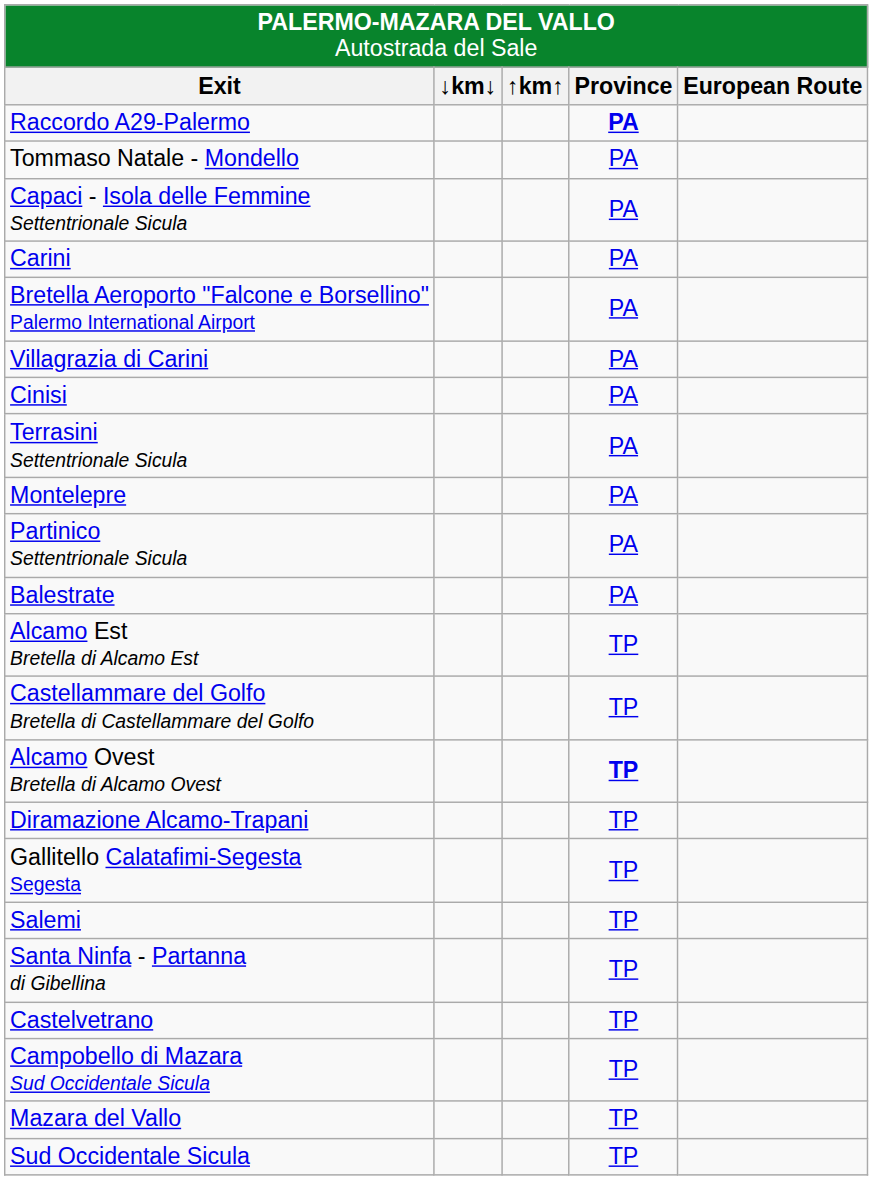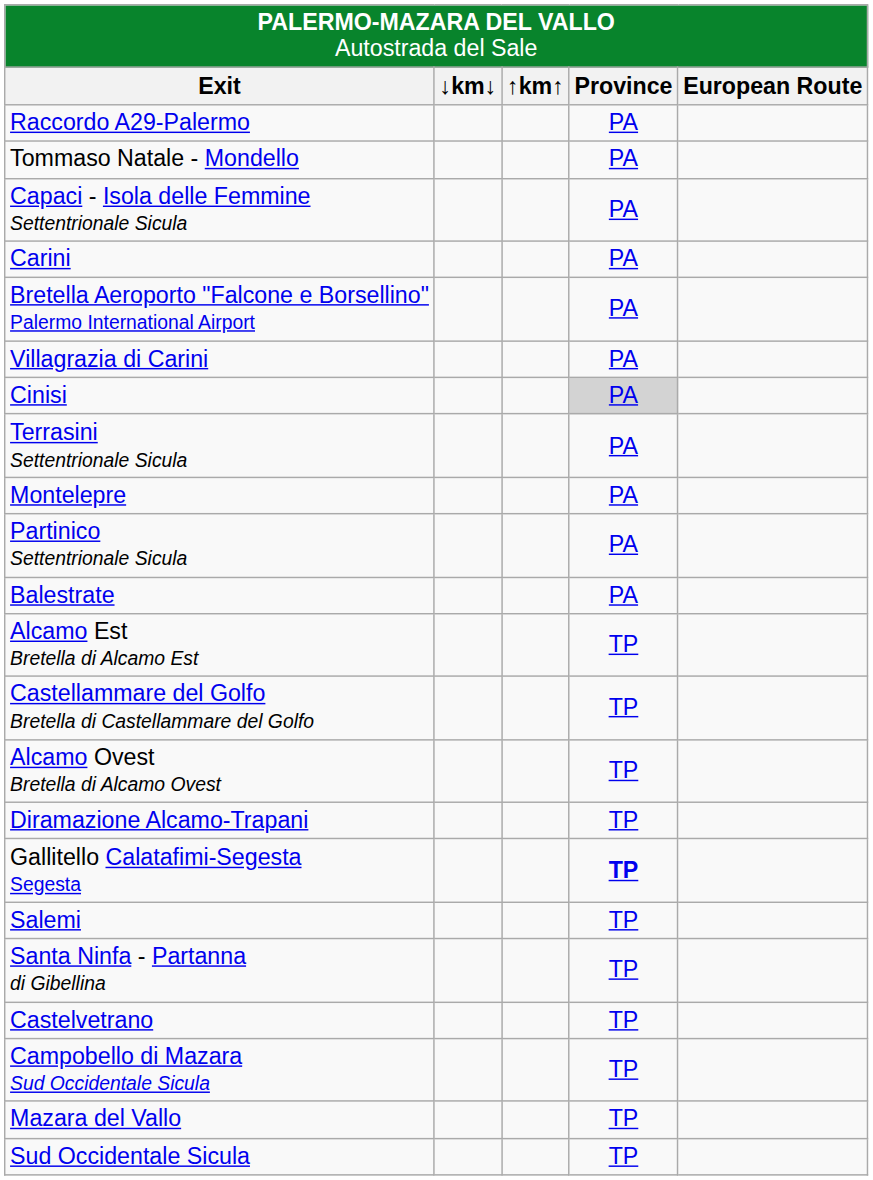 <table class="wikitable" border="1">
 <tr align="center" bgcolor="08842C" style="color: white;font-size:100%;">
 <td colspan="6"><strong> PALERMO-MAZARA DEL VALLO</strong><br>Autostrada del Sale</td>
 </tr>
 <tr>
 <th style="text-align:center;"><strong>Exit</strong></th>
 <th style="text-align:center;"><strong>↓km↓</strong></th>
 <th style="text-align:center;"><strong>↑km↑</strong></th>
 <th align="center"><strong>Province</strong></th>
 <th align="center"><strong>European Route</strong></th>
 </tr>
 <tr>
 <td>   <a href='#'>Raccordo A29-Palermo</a></td>
 <td align="right"></td>
 <td align="right"></td>
-<td align="center"><strong><a href='#'>PA</a></strong></td>
+<td align="center"><a href='#'>PA</a></td>
 <td align="center"></td>
 </tr>
 <tr>
 <td> Tommaso Natale -  <a href='#'>Mondello</a></td>
 <td align="right"></td>
 <td align="right"></td>
 <td align="center"><a href='#'>PA</a></td>
 <td align="center"></td>
 </tr>
 <tr>
 <td> <a href='#'>Capaci</a> - <a href='#'>Isola delle Femmine</a><br>  <small><em>Settentrionale Sicula</em></small></td>
 <td align="right"></td>
 <td align="right"></td>
 <td align="center"><a href='#'>PA</a></td>
 <td align="center"></td>
 </tr>
 <tr>
 <td> <a href='#'>Carini</a></td>
 <td align="right"></td>
 <td align="right"></td>
 <td align="center"><a href='#'>PA</a></td>
 <td align="center"></td>
 </tr>
 <tr>
 <td>  <a href='#'>Bretella Aeroporto "Falcone e Borsellino"</a><br> <small><a href='#'>Palermo International Airport</a></small></td>
 <td align="right"></td>
 <td align="right"></td>
 <td align="center"><a href='#'>PA</a></td>
 <td align="center"></td>
 </tr>
 <tr>
 <td> <a href='#'>Villagrazia di Carini</a></td>
 <td align="right"></td>
 <td align="right"></td>
 <td align="center"><a href='#'>PA</a></td>
 <td align="center"></td>
 </tr>
 <tr>
 <td> <a href='#'>Cinisi</a></td>
 <td align="right"></td>
 <td align="right"></td>
-<td align="center"><a href='#'>PA</a></td>
+<td align="center" style="background: lightgrey;"><a href='#'>PA</a></td>
 <td align="center"></td>
 </tr>
 <tr>
 <td> <a href='#'>Terrasini</a><br>  <small><em>Settentrionale Sicula</em></small></td>
 <td align="right"></td>
 <td align="right"></td>
 <td align="center"><a href='#'>PA</a></td>
 <td align="center"></td>
 </tr>
 <tr>
 <td> <a href='#'>Montelepre</a></td>
 <td align="right"></td>
 <td align="right"></td>
 <td align="center"><a href='#'>PA</a></td>
 <td align="center"></td>
 </tr>
 <tr>
 <td> <a href='#'>Partinico</a><br>  <small><em>Settentrionale Sicula</em></small></td>
 <td align="right"></td>
 <td align="right"></td>
 <td align="center"><a href='#'>PA</a></td>
 <td align="center"></td>
 </tr>
 <tr>
 <td> <a href='#'>Balestrate</a></td>
 <td align="right"></td>
 <td align="right"></td>
 <td align="center"><a href='#'>PA</a></td>
 <td align="center"></td>
 </tr>
 <tr>
 <td> <a href='#'>Alcamo</a> Est<br>  <small><em>Bretella di Alcamo Est</em></small></td>
 <td align="right"></td>
 <td align="right"></td>
 <td align="center"><a href='#'>TP</a></td>
 <td align="center"></td>
 </tr>
 <tr>
 <td> <a href='#'>Castellammare del Golfo</a> <br>  <small><em>Bretella di Castellammare del Golfo</em></small></td>
 <td align="right"></td>
 <td align="right"></td>
 <td align="center"><a href='#'>TP</a></td>
 <td align="center"></td>
 </tr>
 <tr>
 <td> <a href='#'>Alcamo</a> Ovest<br>  <small><em>Bretella di Alcamo Ovest</em></small></td>
 <td align="right"></td>
 <td align="right"></td>
-<td align="center"><strong><a href='#'>TP</a></strong></td>
+<td align="center"><a href='#'>TP</a></td>
 <td align="center"></td>
 </tr>
 <tr>
 <td>  <a href='#'>Diramazione Alcamo-Trapani</a></td>
 <td align="right"></td>
 <td align="right"></td>
 <td align="center"><a href='#'>TP</a></td>
 <td align="center"></td>
 </tr>
 <tr>
 <td> Gallitello <a href='#'>Calatafimi-Segesta</a><br><small> <a href='#'>Segesta</a> </small></td>
 <td align="right"></td>
 <td align="right"></td>
-<td align="center"><a href='#'>TP</a></td>
+<td align="center"><strong><a href='#'>TP</a></strong></td>
 <td align="center"></td>
 </tr>
 <tr>
 <td> <a href='#'>Salemi</a></td>
 <td align="right"></td>
 <td align="right"></td>
 <td align="center"><a href='#'>TP</a></td>
 <td align="center"></td>
 </tr>
 <tr>
 <td> <a href='#'>Santa Ninfa</a> - <a href='#'>Partanna</a>  <br>  <small><em>di Gibellina</em></small></td>
 <td align="right"></td>
 <td align="right"></td>
 <td align="center"><a href='#'>TP</a></td>
 <td align="center"></td>
 </tr>
 <tr>
 <td> <a href='#'>Castelvetrano</a></td>
 <td align="right"></td>
 <td align="right"></td>
 <td align="center"><a href='#'>TP</a></td>
 <td align="center"></td>
 </tr>
 <tr>
 <td> <a href='#'>Campobello di Mazara</a><br>  <small><em><a href='#'>Sud Occidentale Sicula</a></em></small></td>
 <td align="right"></td>
 <td align="right"></td>
 <td align="center"><a href='#'>TP</a></td>
 <td align="center"></td>
 </tr>
 <tr>
 <td>  <a href='#'>Mazara del Vallo</a></td>
 <td align="right"></td>
 <td align="right"></td>
 <td align="center"><a href='#'>TP</a></td>
 <td align="center"></td>
 </tr>
 <tr>
 <td>   <a href='#'>Sud Occidentale Sicula</a></td>
 <td align="right"></td>
 <td align="right"></td>
 <td align="center"><a href='#'>TP</a></td>
 <td></td>
 </tr>
 </table>
